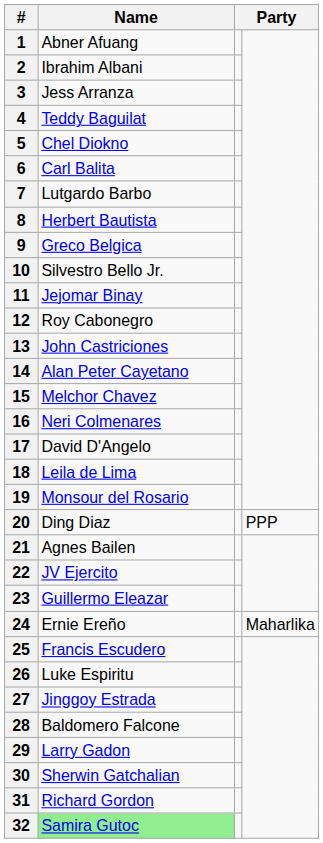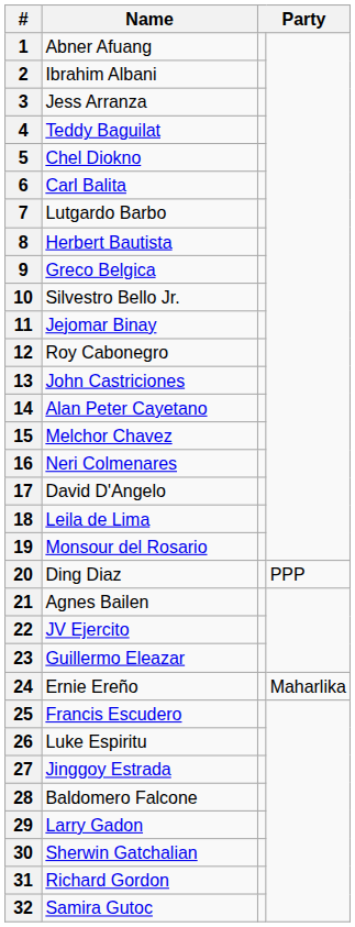 <table class=wikitable width=300px style="font-size:95%;">
 <tr>
 <th width=30px>#</th>
 <th width=250px>Name</th>
 <th colspan=2>Party</th>
 </tr>
 <tr>
 <th>1</th>
 <td>Abner Afuang</td>
 <td></td>
 </tr>
 <tr>
 <th>2</th>
 <td>Ibrahim Albani</td>
 <td></td>
 </tr>
 <tr>
 <th>3</th>
 <td>Jess Arranza</td>
 <td></td>
 </tr>
 <tr>
 <th>4</th>
 <td><a href='#'>Teddy Baguilat</a></td>
 <td></td>
 </tr>
 <tr>
 <th>5</th>
 <td><a href='#'>Chel Diokno</a></td>
 <td></td>
 </tr>
 <tr>
 <th>6</th>
 <td><a href='#'>Carl Balita</a></td>
 <td></td>
 </tr>
 <tr>
 <th>7</th>
 <td>Lutgardo Barbo</td>
 <td></td>
 </tr>
 <tr>
 <th>8</th>
 <td><a href='#'>Herbert Bautista</a></td>
 <td></td>
 </tr>
 <tr>
 <th>9</th>
 <td><a href='#'>Greco Belgica</a></td>
 <td></td>
 </tr>
 <tr>
 <th>10</th>
 <td>Silvestro Bello Jr.</td>
 <td></td>
 </tr>
 <tr>
 <th>11</th>
 <td><a href='#'>Jejomar Binay</a></td>
 <td></td>
 </tr>
 <tr>
 <th>12</th>
 <td>Roy Cabonegro</td>
 <td></td>
 </tr>
 <tr>
 <th>13</th>
 <td><a href='#'>John Castriciones</a></td>
 <td></td>
 </tr>
 <tr>
 <th>14</th>
 <td><a href='#'>Alan Peter Cayetano</a></td>
 <td></td>
 </tr>
 <tr>
 <th>15</th>
 <td><a href='#'>Melchor Chavez</a></td>
 <td></td>
 </tr>
 <tr>
 <th>16</th>
 <td><a href='#'>Neri Colmenares</a></td>
 <td></td>
 </tr>
 <tr>
 <th>17</th>
 <td>David D'Angelo</td>
 <td></td>
 </tr>
 <tr>
 <th>18</th>
 <td><a href='#'>Leila de Lima</a></td>
 <td></td>
 </tr>
 <tr>
 <th>19</th>
 <td><a href='#'>Monsour del Rosario</a></td>
 <td></td>
 </tr>
 <tr>
 <th>20</th>
 <td>Ding Diaz</td>
 <td></td>
 <td>PPP</td>
 </tr>
 <tr>
 <th>21</th>
 <td>Agnes Bailen</td>
 <td></td>
 </tr>
 <tr>
 <th>22</th>
 <td><a href='#'>JV Ejercito</a></td>
 <td></td>
 </tr>
 <tr>
 <th>23</th>
 <td><a href='#'>Guillermo Eleazar</a></td>
 <td></td>
 </tr>
 <tr>
 <th>24</th>
 <td>Ernie Ereño</td>
 <td></td>
 <td>Maharlika</td>
 </tr>
 <tr>
 <th>25</th>
 <td><a href='#'>Francis Escudero</a></td>
 <td></td>
 </tr>
 <tr>
 <th>26</th>
 <td>Luke Espiritu</td>
 <td></td>
 </tr>
 <tr>
 <th>27</th>
 <td><a href='#'>Jinggoy Estrada</a></td>
 <td></td>
 </tr>
 <tr>
 <th>28</th>
 <td>Baldomero Falcone</td>
 <td></td>
 </tr>
 <tr>
 <th>29</th>
 <td><a href='#'>Larry Gadon</a></td>
 <td></td>
 </tr>
 <tr>
 <th>30</th>
 <td><a href='#'>Sherwin Gatchalian</a></td>
 <td></td>
 </tr>
 <tr>
 <th>31</th>
 <td><a href='#'>Richard Gordon</a></td>
 <td></td>
 </tr>
 <tr>
 <th>32</th>
-<td style="background: lightgreen;"><a href='#'>Samira Gutoc</a></td>
+<td><a href='#'>Samira Gutoc</a></td>
 <td></td>
 </tr>
 </table>
